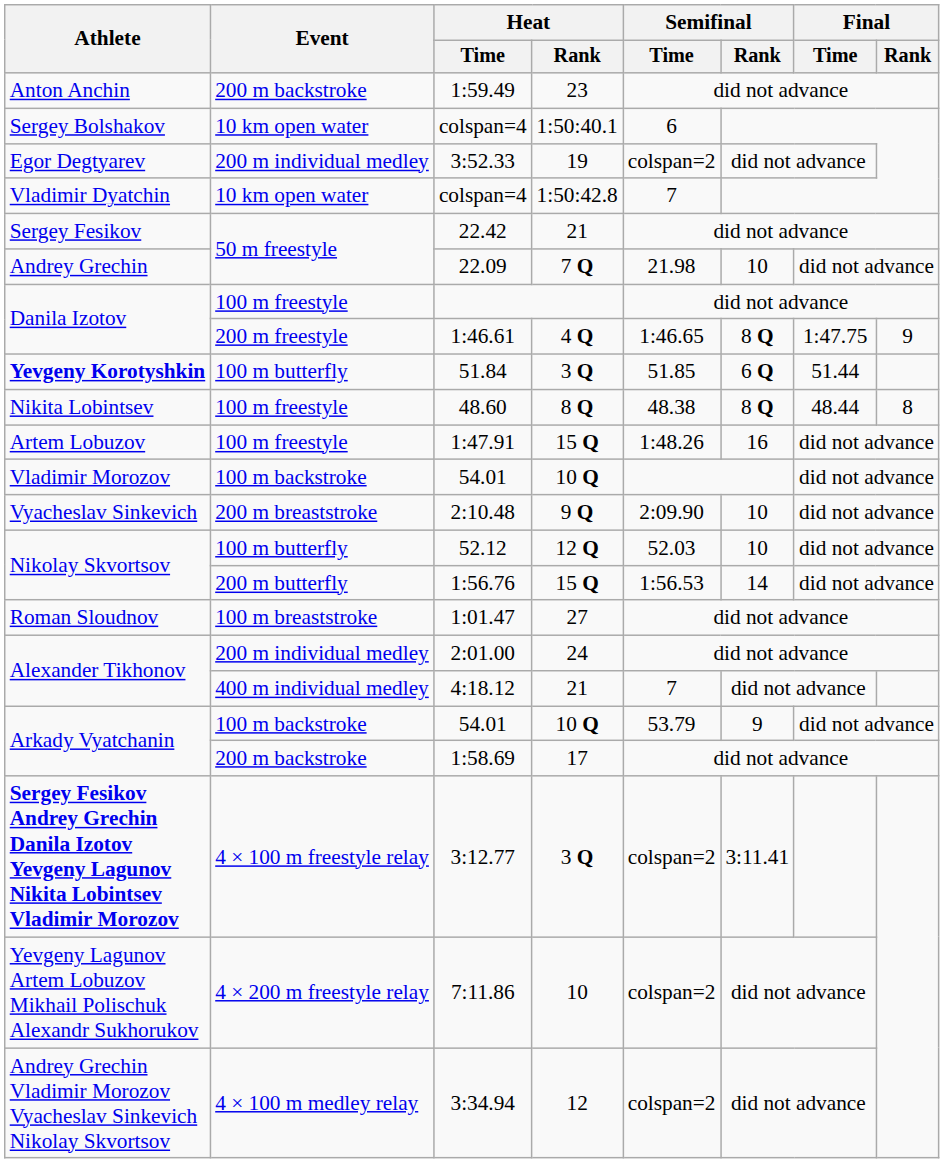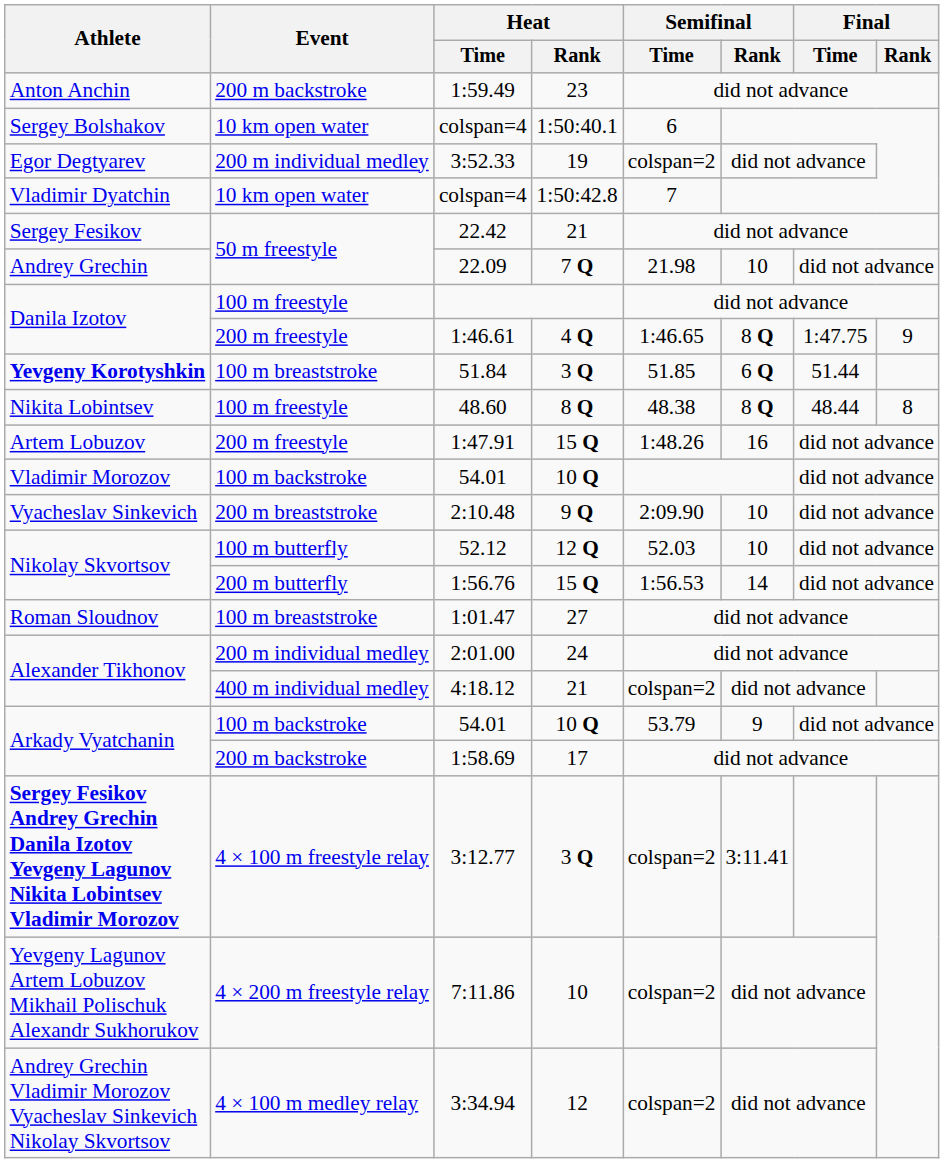 <table class=wikitable style="font-size:90%">
 <tr>
 <th rowspan="2">Athlete</th>
 <th rowspan="2">Event</th>
 <th colspan="2">Heat</th>
 <th colspan="2">Semifinal</th>
 <th colspan="2">Final</th>
 </tr>
 <tr style="font-size:95%">
 <th>Time</th>
 <th>Rank</th>
 <th>Time</th>
 <th>Rank</th>
 <th>Time</th>
 <th>Rank</th>
 </tr>
 <tr align=center>
 <td align=left><a href='#'>Anton Anchin</a></td>
 <td align=left><a href='#'>200 m backstroke</a></td>
 <td>1:59.49</td>
 <td>23</td>
 <td colspan=4>did not advance</td>
 </tr>
 <tr align=center>
 <td align=left><a href='#'>Sergey Bolshakov</a></td>
 <td align=left><a href='#'>10 km open water</a></td>
 <td>colspan=4 </td>
 <td>1:50:40.1</td>
 <td>6</td>
 </tr>
 <tr align=center>
 <td align=left><a href='#'>Egor Degtyarev</a></td>
 <td align=left><a href='#'>200 m individual medley</a></td>
 <td>3:52.33</td>
 <td>19</td>
 <td>colspan=2 </td>
 <td colspan=2>did not advance</td>
 </tr>
 <tr align=center>
 <td align=left><a href='#'>Vladimir Dyatchin</a></td>
 <td align=left><a href='#'>10 km open water</a></td>
 <td>colspan=4 </td>
 <td>1:50:42.8</td>
 <td>7</td>
 </tr>
 <tr align=center>
 <td align=left><a href='#'>Sergey Fesikov</a></td>
 <td align=left rowspan=2><a href='#'>50 m freestyle</a></td>
 <td>22.42</td>
 <td>21</td>
 <td colspan=4>did not advance</td>
 </tr>
 <tr align=center>
 <td align=left><a href='#'>Andrey Grechin</a></td>
 <td>22.09</td>
 <td>7 <strong>Q</strong></td>
 <td>21.98</td>
 <td>10</td>
 <td colspan=2>did not advance</td>
 </tr>
 <tr align=center>
 <td align=left rowspan=2><a href='#'>Danila Izotov</a></td>
 <td align=left><a href='#'>100 m freestyle</a></td>
 <td colspan=2></td>
 <td colspan=4>did not advance</td>
 </tr>
 <tr align=center>
 <td align=left><a href='#'>200 m freestyle</a></td>
 <td>1:46.61</td>
 <td>4 <strong>Q</strong></td>
 <td>1:46.65</td>
 <td>8 <strong>Q</strong></td>
 <td>1:47.75</td>
 <td>9</td>
 </tr>
 <tr align=center>
 <td align=left><strong><a href='#'>Yevgeny Korotyshkin</a></strong></td>
-<td align=left><a href='#'>100 m butterfly</a></td>
+<td align=left><a href='#'>100 m breaststroke</a></td>
 <td>51.84</td>
 <td>3 <strong>Q</strong></td>
 <td>51.85</td>
 <td>6 <strong>Q</strong></td>
 <td>51.44</td>
 <td></td>
 </tr>
 <tr align=center>
 <td align=left><a href='#'>Nikita Lobintsev</a></td>
 <td align=left><a href='#'>100 m freestyle</a></td>
 <td>48.60</td>
 <td>8 <strong>Q</strong></td>
 <td>48.38</td>
 <td>8 <strong>Q</strong></td>
 <td>48.44</td>
 <td>8</td>
 </tr>
 <tr align=center>
 <td align=left><a href='#'>Artem Lobuzov</a></td>
-<td align=left><a href='#'>100 m freestyle</a></td>
+<td align=left><a href='#'>200 m freestyle</a></td>
 <td>1:47.91</td>
 <td>15 <strong>Q</strong></td>
 <td>1:48.26</td>
 <td>16</td>
 <td colspan=2>did not advance</td>
 </tr>
 <tr align=center>
 <td align=left><a href='#'>Vladimir Morozov</a></td>
 <td align=left><a href='#'>100 m backstroke</a></td>
 <td>54.01</td>
 <td>10 <strong>Q</strong></td>
 <td colspan=2></td>
 <td colspan=2>did not advance</td>
 </tr>
 <tr align=center>
 <td align=left><a href='#'>Vyacheslav Sinkevich</a></td>
 <td align=left><a href='#'>200 m breaststroke</a></td>
 <td>2:10.48</td>
 <td>9 <strong>Q</strong></td>
 <td>2:09.90</td>
 <td>10</td>
 <td colspan=2>did not advance</td>
 </tr>
 <tr align=center>
 <td align=left rowspan=2><a href='#'>Nikolay Skvortsov</a></td>
 <td align=left><a href='#'>100 m butterfly</a></td>
 <td>52.12</td>
 <td>12 <strong>Q</strong></td>
 <td>52.03</td>
 <td>10</td>
 <td colspan=2>did not advance</td>
 </tr>
 <tr align=center>
 <td align=left><a href='#'>200 m butterfly</a></td>
 <td>1:56.76</td>
 <td>15 <strong>Q</strong></td>
 <td>1:56.53</td>
 <td>14</td>
 <td colspan=2>did not advance</td>
 </tr>
 <tr align=center>
 <td align=left><a href='#'>Roman Sloudnov</a></td>
 <td align=left><a href='#'>100 m breaststroke</a></td>
 <td>1:01.47</td>
 <td>27</td>
 <td colspan=4>did not advance</td>
 </tr>
 <tr align=center>
 <td align=left rowspan=2><a href='#'>Alexander Tikhonov</a></td>
 <td align=left><a href='#'>200 m individual medley</a></td>
 <td>2:01.00</td>
 <td>24</td>
 <td colspan=4>did not advance</td>
 </tr>
 <tr align=center>
 <td align=left><a href='#'>400 m individual medley</a></td>
 <td>4:18.12</td>
 <td>21</td>
-<td>7</td>
+<td>colspan=2 </td>
 <td colspan=2>did not advance</td>
 </tr>
 <tr align=center>
 <td align=left rowspan=2><a href='#'>Arkady Vyatchanin</a></td>
 <td align=left><a href='#'>100 m backstroke</a></td>
 <td>54.01</td>
 <td>10 <strong>Q</strong></td>
 <td>53.79</td>
 <td>9</td>
 <td colspan=2>did not advance</td>
 </tr>
 <tr align=center>
 <td align=left><a href='#'>200 m backstroke</a></td>
 <td>1:58.69</td>
 <td>17</td>
 <td colspan=4>did not advance</td>
 </tr>
 <tr align=center>
 <td align=left><strong><a href='#'>Sergey Fesikov</a><br><a href='#'>Andrey Grechin</a><br><a href='#'>Danila Izotov</a><br><a href='#'>Yevgeny Lagunov</a><br><a href='#'>Nikita Lobintsev</a><br><a href='#'>Vladimir Morozov</a></strong></td>
 <td align=left><a href='#'>4 × 100 m freestyle relay</a></td>
 <td>3:12.77</td>
 <td>3 <strong>Q</strong></td>
 <td>colspan=2 </td>
 <td>3:11.41</td>
 <td></td>
 </tr>
 <tr align=center>
 <td align=left><a href='#'>Yevgeny Lagunov</a><br><a href='#'>Artem Lobuzov</a><br><a href='#'>Mikhail Polischuk</a><br><a href='#'>Alexandr Sukhorukov</a></td>
 <td align=left><a href='#'>4 × 200 m freestyle relay</a></td>
 <td>7:11.86</td>
 <td>10</td>
 <td>colspan=2 </td>
 <td colspan=2>did not advance</td>
 </tr>
 <tr align=center>
 <td align=left><a href='#'>Andrey Grechin</a><br><a href='#'>Vladimir Morozov</a><br><a href='#'>Vyacheslav Sinkevich</a><br><a href='#'>Nikolay Skvortsov</a></td>
 <td align=left><a href='#'>4 × 100 m medley relay</a></td>
 <td>3:34.94</td>
 <td>12</td>
 <td>colspan=2 </td>
 <td colspan=2>did not advance</td>
 </tr>
 </table>
